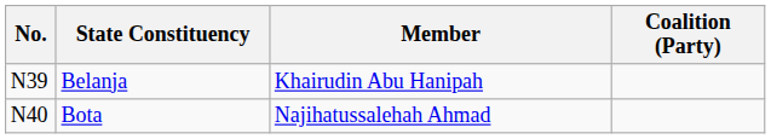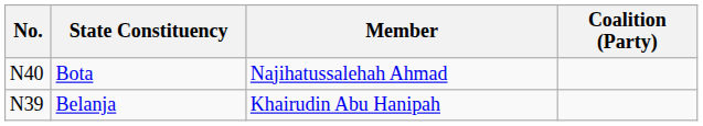 <table class="wikitable">
 <tr>
 <th width="30">No.</th>
 <th width="150">State Constituency</th>
 <th width="245">Member</th>
 <th width="105">Coalition (Party)</th>
 </tr>
 <tr>
+<td>N40</td>
+<td><a href='#'>Bota</a></td>
+<td><a href='#'>Najihatussalehah Ahmad</a></td>
+<td></td>
+</tr>
+<tr>
 <td>N39</td>
 <td><a href='#'>Belanja</a></td>
 <td><a href='#'>Khairudin Abu Hanipah</a></td>
 <td></td>
 </tr>
-<tr>
-<td>N40</td>
-<td><a href='#'>Bota</a></td>
-<td><a href='#'>Najihatussalehah Ahmad</a></td>
-<td></td>
-</tr>
 </table>
